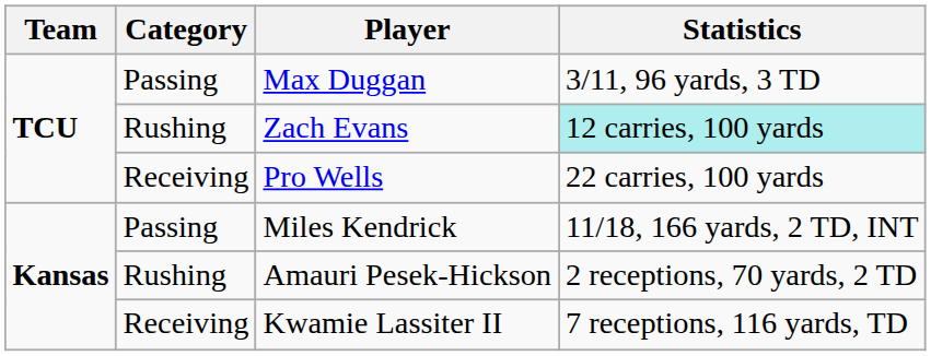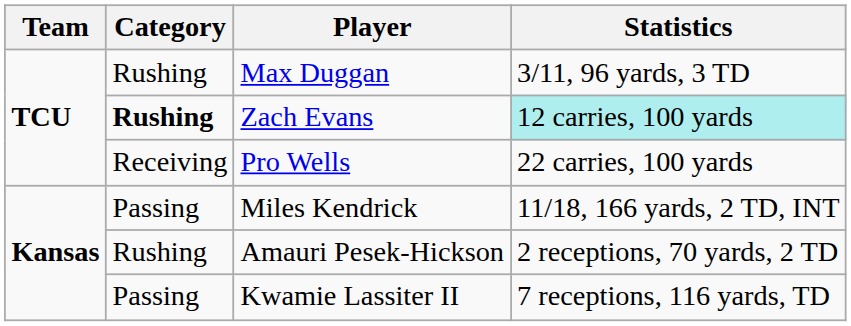 <table class="wikitable" style="float: left;">
 <tr>
 <th>Team</th>
 <th>Category</th>
 <th>Player</th>
 <th>Statistics</th>
 </tr>
 <tr>
 <td rowspan=3><strong>TCU</strong></td>
-<td>Passing</td>
+<td>Rushing</td>
 <td><a href='#'>Max Duggan</a></td>
 <td>3/11, 96 yards, 3 TD</td>
 </tr>
 <tr>
-<td>Rushing</td>
+<td><strong>Rushing</strong></td>
 <td><a href='#'>Zach Evans</a></td>
 <td style="background: paleturquoise;">12 carries, 100 yards</td>
 </tr>
 <tr>
 <td>Receiving</td>
 <td><a href='#'>Pro Wells</a></td>
 <td>22 carries, 100 yards</td>
 </tr>
 <tr>
 <td rowspan=3><strong>Kansas</strong></td>
 <td>Passing</td>
 <td>Miles Kendrick</td>
 <td>11/18, 166 yards, 2 TD, INT</td>
 </tr>
 <tr>
 <td>Rushing</td>
 <td>Amauri Pesek-Hickson</td>
 <td>2 receptions, 70 yards, 2 TD</td>
 </tr>
 <tr>
-<td>Receiving</td>
+<td>Passing</td>
 <td>Kwamie Lassiter II</td>
 <td>7 receptions, 116 yards, TD</td>
 </tr>
 </table>
